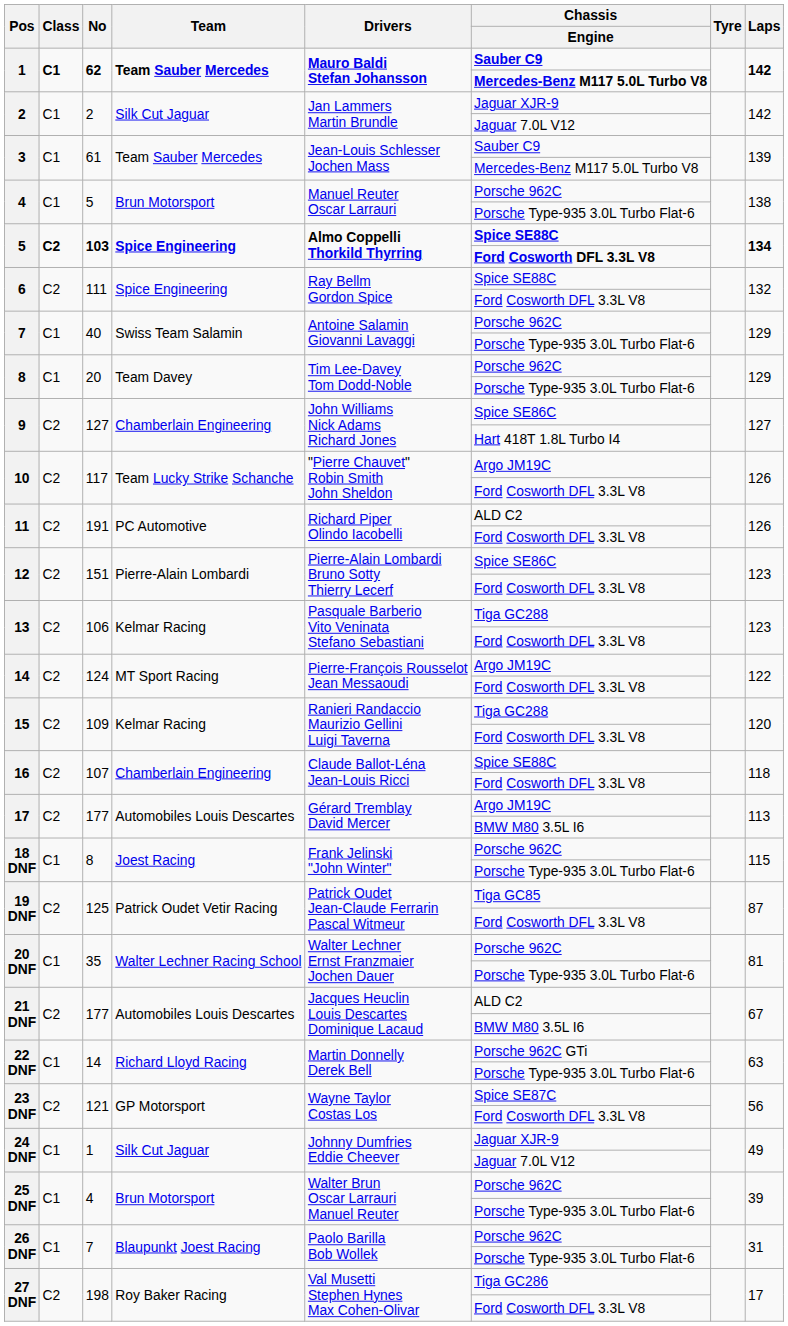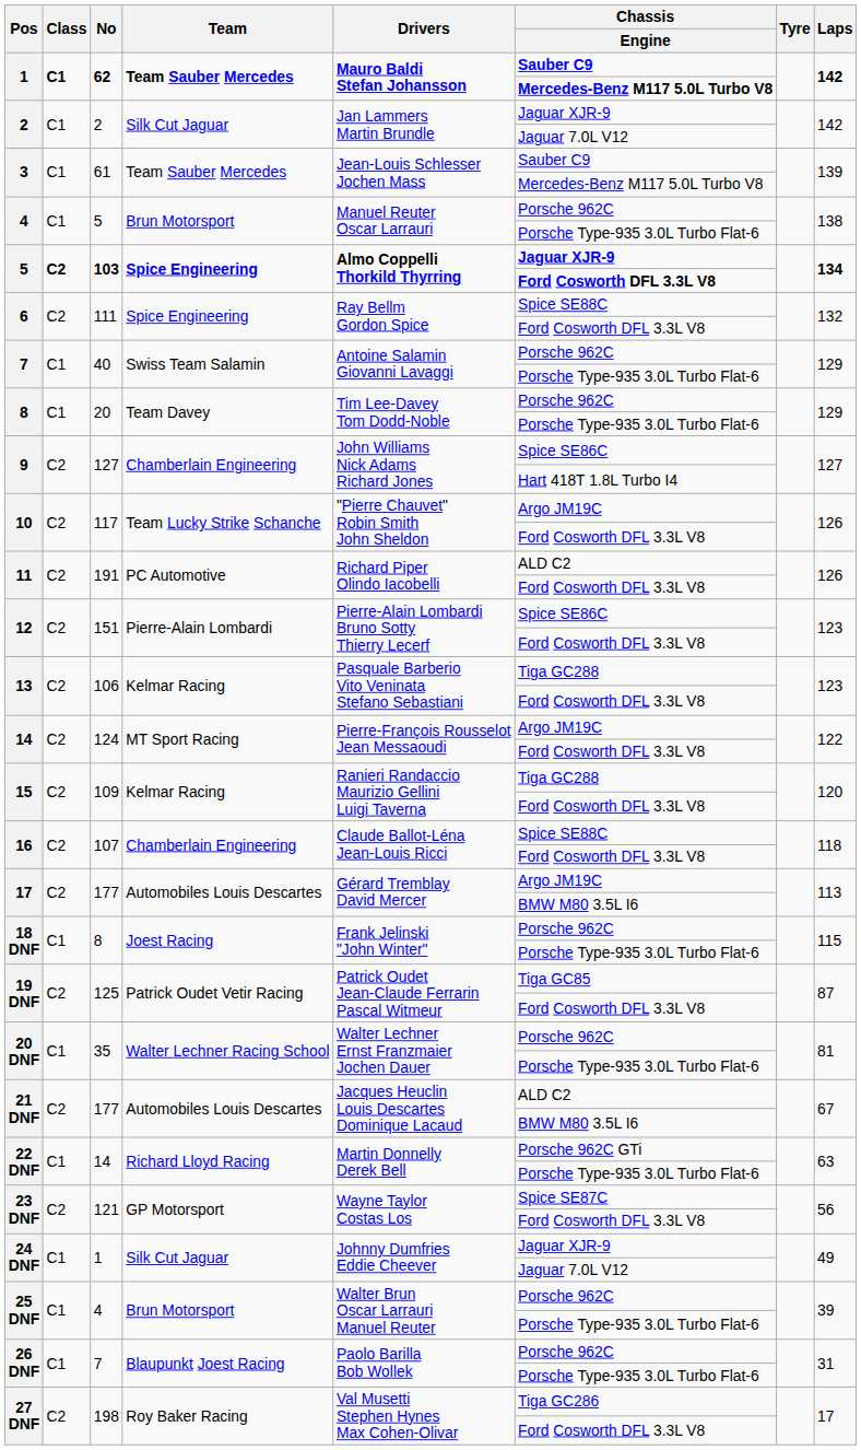 <table class="wikitable" style="font-size: 95%;">
 <tr>
 <th rowspan=2>Pos</th>
 <th rowspan=2>Class</th>
 <th rowspan=2>No</th>
 <th rowspan=2>Team</th>
 <th rowspan=2>Drivers</th>
 <th>Chassis</th>
 <th rowspan=2>Tyre</th>
 <th rowspan=2>Laps</th>
 </tr>
 <tr>
 <th>Engine</th>
 </tr>
 <tr style="font-weight:bold">
 <th rowspan=2>1</th>
 <td rowspan=2>C1</td>
 <td rowspan=2>62</td>
 <td rowspan=2> Team <a href='#'>Sauber</a> <a href='#'>Mercedes</a></td>
 <td rowspan=2> <a href='#'>Mauro Baldi</a><br> <a href='#'>Stefan Johansson</a></td>
 <td><a href='#'>Sauber C9</a></td>
 <td rowspan=2></td>
 <td rowspan=2>142</td>
 </tr>
 <tr style="font-weight:bold">
 <td><a href='#'>Mercedes-Benz</a> M117 5.0L Turbo V8</td>
 </tr>
 <tr>
 <th rowspan=2>2</th>
 <td rowspan=2>C1</td>
 <td rowspan=2>2</td>
 <td rowspan=2> <a href='#'>Silk Cut Jaguar</a></td>
 <td rowspan=2> <a href='#'>Jan Lammers</a><br> <a href='#'>Martin Brundle</a></td>
 <td><a href='#'>Jaguar XJR-9</a></td>
 <td rowspan=2></td>
 <td rowspan=2>142</td>
 </tr>
 <tr>
 <td><a href='#'>Jaguar</a> 7.0L V12</td>
 </tr>
 <tr>
 <th rowspan=2>3</th>
 <td rowspan=2>C1</td>
 <td rowspan=2>61</td>
 <td rowspan=2> Team <a href='#'>Sauber</a> <a href='#'>Mercedes</a></td>
 <td rowspan=2> <a href='#'>Jean-Louis Schlesser</a><br> <a href='#'>Jochen Mass</a></td>
 <td><a href='#'>Sauber C9</a></td>
 <td rowspan=2></td>
 <td rowspan=2>139</td>
 </tr>
 <tr>
 <td><a href='#'>Mercedes-Benz</a> M117 5.0L Turbo V8</td>
 </tr>
 <tr>
 <th rowspan=2>4</th>
 <td rowspan=2>C1</td>
 <td rowspan=2>5</td>
 <td rowspan=2> <a href='#'>Brun Motorsport</a></td>
 <td rowspan=2> <a href='#'>Manuel Reuter</a><br> <a href='#'>Oscar Larrauri</a></td>
 <td><a href='#'>Porsche 962C</a></td>
 <td rowspan=2></td>
 <td rowspan=2>138</td>
 </tr>
 <tr>
 <td><a href='#'>Porsche</a> Type-935 3.0L Turbo Flat-6</td>
 </tr>
 <tr style="font-weight:bold">
 <th rowspan=2>5</th>
 <td rowspan=2>C2</td>
 <td rowspan=2>103</td>
 <td rowspan=2> <a href='#'>Spice Engineering</a></td>
 <td rowspan=2> Almo Coppelli<br> <a href='#'>Thorkild Thyrring</a></td>
-<td><a href='#'>Spice SE88C</a></td>
+<td><a href='#'>Jaguar XJR-9</a></td>
 <td rowspan=2></td>
 <td rowspan=2>134</td>
 </tr>
 <tr style="font-weight:bold">
 <td><a href='#'>Ford</a> <a href='#'>Cosworth</a> DFL 3.3L V8</td>
 </tr>
 <tr>
 <th rowspan=2>6</th>
 <td rowspan=2>C2</td>
 <td rowspan=2>111</td>
 <td rowspan=2> <a href='#'>Spice Engineering</a></td>
 <td rowspan=2> <a href='#'>Ray Bellm</a><br> <a href='#'>Gordon Spice</a></td>
 <td><a href='#'>Spice SE88C</a></td>
 <td rowspan=2></td>
 <td rowspan=2>132</td>
 </tr>
 <tr>
 <td><a href='#'>Ford</a> <a href='#'>Cosworth DFL</a> 3.3L V8</td>
 </tr>
 <tr>
 <th rowspan=2>7</th>
 <td rowspan=2>C1</td>
 <td rowspan=2>40</td>
 <td rowspan=2> Swiss Team Salamin</td>
 <td rowspan=2> <a href='#'>Antoine Salamin</a><br> <a href='#'>Giovanni Lavaggi</a></td>
 <td><a href='#'>Porsche 962C</a></td>
 <td rowspan=2></td>
 <td rowspan=2>129</td>
 </tr>
 <tr>
 <td><a href='#'>Porsche</a> Type-935 3.0L Turbo Flat-6</td>
 </tr>
 <tr>
 <th rowspan=2>8</th>
 <td rowspan=2>C1</td>
 <td rowspan=2>20</td>
 <td rowspan=2> Team Davey</td>
 <td rowspan=2> <a href='#'>Tim Lee-Davey</a><br> <a href='#'>Tom Dodd-Noble</a></td>
 <td><a href='#'>Porsche 962C</a></td>
 <td rowspan=2></td>
 <td rowspan=2>129</td>
 </tr>
 <tr>
 <td><a href='#'>Porsche</a> Type-935 3.0L Turbo Flat-6</td>
 </tr>
 <tr>
 <th rowspan=2>9</th>
 <td rowspan=2>C2</td>
 <td rowspan=2>127</td>
 <td rowspan=2> <a href='#'>Chamberlain Engineering</a></td>
 <td rowspan=2> <a href='#'>John Williams</a><br> <a href='#'>Nick Adams</a><br> <a href='#'>Richard Jones</a></td>
 <td><a href='#'>Spice SE86C</a></td>
 <td rowspan=2></td>
 <td rowspan=2>127</td>
 </tr>
 <tr>
 <td><a href='#'>Hart</a> 418T 1.8L Turbo I4</td>
 </tr>
 <tr>
 <th rowspan=2>10</th>
 <td rowspan=2>C2</td>
 <td rowspan=2>117</td>
 <td rowspan=2> Team <a href='#'>Lucky Strike</a> <a href='#'>Schanche</a></td>
 <td rowspan=2> "<a href='#'>Pierre Chauvet</a>"<br> <a href='#'>Robin Smith</a><br> <a href='#'>John Sheldon</a></td>
 <td><a href='#'>Argo JM19C</a></td>
 <td rowspan=2></td>
 <td rowspan=2>126</td>
 </tr>
 <tr>
 <td><a href='#'>Ford</a> <a href='#'>Cosworth DFL</a> 3.3L V8</td>
 </tr>
 <tr>
 <th rowspan=2>11</th>
 <td rowspan=2>C2</td>
 <td rowspan=2>191</td>
 <td rowspan=2> PC Automotive</td>
 <td rowspan=2> <a href='#'>Richard Piper</a><br> <a href='#'>Olindo Iacobelli</a></td>
 <td>ALD C2</td>
 <td rowspan=2></td>
 <td rowspan=2>126</td>
 </tr>
 <tr>
 <td><a href='#'>Ford</a> <a href='#'>Cosworth DFL</a> 3.3L V8</td>
 </tr>
 <tr>
 <th rowspan=2>12</th>
 <td rowspan=2>C2</td>
 <td rowspan=2>151</td>
 <td rowspan=2> Pierre-Alain Lombardi</td>
 <td rowspan=2> <a href='#'>Pierre-Alain Lombardi</a><br> <a href='#'>Bruno Sotty</a><br> <a href='#'>Thierry Lecerf</a></td>
 <td><a href='#'>Spice SE86C</a></td>
 <td rowspan=2></td>
 <td rowspan=2>123</td>
 </tr>
 <tr>
 <td><a href='#'>Ford</a> <a href='#'>Cosworth DFL</a> 3.3L V8</td>
 </tr>
 <tr>
 <th rowspan=2>13</th>
 <td rowspan=2>C2</td>
 <td rowspan=2>106</td>
 <td rowspan=2> Kelmar Racing</td>
 <td rowspan=2> <a href='#'>Pasquale Barberio</a><br> <a href='#'>Vito Veninata</a><br> <a href='#'>Stefano Sebastiani</a></td>
 <td><a href='#'>Tiga GC288</a></td>
 <td rowspan=2></td>
 <td rowspan=2>123</td>
 </tr>
 <tr>
 <td><a href='#'>Ford</a> <a href='#'>Cosworth DFL</a> 3.3L V8</td>
 </tr>
 <tr>
 <th rowspan=2>14</th>
 <td rowspan=2>C2</td>
 <td rowspan=2>124</td>
 <td rowspan=2> MT Sport Racing</td>
 <td rowspan=2> <a href='#'>Pierre-François Rousselot</a><br> <a href='#'>Jean Messaoudi</a></td>
 <td><a href='#'>Argo JM19C</a></td>
 <td rowspan=2></td>
 <td rowspan=2>122</td>
 </tr>
 <tr>
 <td><a href='#'>Ford</a> <a href='#'>Cosworth DFL</a> 3.3L V8</td>
 </tr>
 <tr>
 <th rowspan=2>15</th>
 <td rowspan=2>C2</td>
 <td rowspan=2>109</td>
 <td rowspan=2> Kelmar Racing</td>
 <td rowspan=2> <a href='#'>Ranieri Randaccio</a><br> <a href='#'>Maurizio Gellini</a><br> <a href='#'>Luigi Taverna</a></td>
 <td><a href='#'>Tiga GC288</a></td>
 <td rowspan=2></td>
 <td rowspan=2>120</td>
 </tr>
 <tr>
 <td><a href='#'>Ford</a> <a href='#'>Cosworth DFL</a> 3.3L V8</td>
 </tr>
 <tr>
 <th rowspan=2>16</th>
 <td rowspan=2>C2</td>
 <td rowspan=2>107</td>
 <td rowspan=2> <a href='#'>Chamberlain Engineering</a></td>
 <td rowspan=2> <a href='#'>Claude Ballot-Léna</a><br> <a href='#'>Jean-Louis Ricci</a></td>
 <td><a href='#'>Spice SE88C</a></td>
 <td rowspan=2></td>
 <td rowspan=2>118</td>
 </tr>
 <tr>
 <td><a href='#'>Ford</a> <a href='#'>Cosworth DFL</a> 3.3L V8</td>
 </tr>
 <tr>
 <th rowspan=2>17</th>
 <td rowspan=2>C2</td>
 <td rowspan=2>177</td>
 <td rowspan=2> Automobiles Louis Descartes</td>
 <td rowspan=2> <a href='#'>Gérard Tremblay</a><br> <a href='#'>David Mercer</a></td>
 <td><a href='#'>Argo JM19C</a></td>
 <td rowspan=2></td>
 <td rowspan=2>113</td>
 </tr>
 <tr>
 <td><a href='#'>BMW M80</a> 3.5L I6</td>
 </tr>
 <tr>
 <th rowspan=2>18<br>DNF</th>
 <td rowspan=2>C1</td>
 <td rowspan=2>8</td>
 <td rowspan=2> <a href='#'>Joest Racing</a></td>
 <td rowspan=2> <a href='#'>Frank Jelinski</a><br> <a href='#'>"John Winter"</a></td>
 <td><a href='#'>Porsche 962C</a></td>
 <td rowspan=2></td>
 <td rowspan=2>115</td>
 </tr>
 <tr>
 <td><a href='#'>Porsche</a> Type-935 3.0L Turbo Flat-6</td>
 </tr>
 <tr>
 <th rowspan=2>19<br>DNF</th>
 <td rowspan=2>C2</td>
 <td rowspan=2>125</td>
 <td rowspan=2> Patrick Oudet Vetir Racing</td>
 <td rowspan=2> <a href='#'>Patrick Oudet</a><br> <a href='#'>Jean-Claude Ferrarin</a><br> <a href='#'>Pascal Witmeur</a></td>
 <td><a href='#'>Tiga GC85</a></td>
 <td rowspan=2></td>
 <td rowspan=2>87</td>
 </tr>
 <tr>
 <td><a href='#'>Ford</a> <a href='#'>Cosworth DFL</a> 3.3L V8</td>
 </tr>
 <tr>
 <th rowspan=2>20<br>DNF</th>
 <td rowspan=2>C1</td>
 <td rowspan=2>35</td>
 <td rowspan=2> <a href='#'>Walter Lechner Racing School</a></td>
 <td rowspan=2> <a href='#'>Walter Lechner</a><br> <a href='#'>Ernst Franzmaier</a><br> <a href='#'>Jochen Dauer</a></td>
 <td><a href='#'>Porsche 962C</a></td>
 <td rowspan=2></td>
 <td rowspan=2>81</td>
 </tr>
 <tr>
 <td><a href='#'>Porsche</a> Type-935 3.0L Turbo Flat-6</td>
 </tr>
 <tr>
 <th rowspan=2>21<br>DNF</th>
 <td rowspan=2>C2</td>
 <td rowspan=2>177</td>
 <td rowspan=2> Automobiles Louis Descartes</td>
 <td rowspan=2> <a href='#'>Jacques Heuclin</a><br> <a href='#'>Louis Descartes</a><br> <a href='#'>Dominique Lacaud</a></td>
 <td>ALD C2</td>
 <td rowspan=2></td>
 <td rowspan=2>67</td>
 </tr>
 <tr>
 <td><a href='#'>BMW M80</a> 3.5L I6</td>
 </tr>
 <tr>
 <th rowspan=2>22<br>DNF</th>
 <td rowspan=2>C1</td>
 <td rowspan=2>14</td>
 <td rowspan=2> <a href='#'>Richard Lloyd Racing</a></td>
 <td rowspan=2> <a href='#'>Martin Donnelly</a><br> <a href='#'>Derek Bell</a></td>
 <td><a href='#'>Porsche 962C</a> GTi</td>
 <td rowspan=2></td>
 <td rowspan=2>63</td>
 </tr>
 <tr>
 <td><a href='#'>Porsche</a> Type-935 3.0L Turbo Flat-6</td>
 </tr>
 <tr>
 <th rowspan=2>23<br>DNF</th>
 <td rowspan=2>C2</td>
 <td rowspan=2>121</td>
 <td rowspan=2> GP Motorsport</td>
 <td rowspan=2> <a href='#'>Wayne Taylor</a><br> <a href='#'>Costas Los</a></td>
 <td><a href='#'>Spice SE87C</a></td>
 <td rowspan=2></td>
 <td rowspan=2>56</td>
 </tr>
 <tr>
 <td><a href='#'>Ford</a> <a href='#'>Cosworth DFL</a> 3.3L V8</td>
 </tr>
 <tr>
 <th rowspan=2>24<br>DNF</th>
 <td rowspan=2>C1</td>
 <td rowspan=2>1</td>
 <td rowspan=2> <a href='#'>Silk Cut Jaguar</a></td>
 <td rowspan=2> <a href='#'>Johnny Dumfries</a><br> <a href='#'>Eddie Cheever</a></td>
 <td><a href='#'>Jaguar XJR-9</a></td>
 <td rowspan=2></td>
 <td rowspan=2>49</td>
 </tr>
 <tr>
 <td><a href='#'>Jaguar</a> 7.0L V12</td>
 </tr>
 <tr>
 <th rowspan=2>25<br>DNF</th>
 <td rowspan=2>C1</td>
 <td rowspan=2>4</td>
 <td rowspan=2> <a href='#'>Brun Motorsport</a></td>
 <td rowspan=2> <a href='#'>Walter Brun</a><br> <a href='#'>Oscar Larrauri</a><br> <a href='#'>Manuel Reuter</a></td>
 <td><a href='#'>Porsche 962C</a></td>
 <td rowspan=2></td>
 <td rowspan=2>39</td>
 </tr>
 <tr>
 <td><a href='#'>Porsche</a> Type-935 3.0L Turbo Flat-6</td>
 </tr>
 <tr>
 <th rowspan=2>26<br>DNF</th>
 <td rowspan=2>C1</td>
 <td rowspan=2>7</td>
 <td rowspan=2> <a href='#'>Blaupunkt</a> <a href='#'>Joest Racing</a></td>
 <td rowspan=2> <a href='#'>Paolo Barilla</a><br> <a href='#'>Bob Wollek</a></td>
 <td><a href='#'>Porsche 962C</a></td>
 <td rowspan=2></td>
 <td rowspan=2>31</td>
 </tr>
 <tr>
 <td><a href='#'>Porsche</a> Type-935 3.0L Turbo Flat-6</td>
 </tr>
 <tr>
 <th rowspan=2>27<br>DNF</th>
 <td rowspan=2>C2</td>
 <td rowspan=2>198</td>
 <td rowspan=2> Roy Baker Racing</td>
 <td rowspan=2> <a href='#'>Val Musetti</a><br> <a href='#'>Stephen Hynes</a><br> <a href='#'>Max Cohen-Olivar</a></td>
 <td><a href='#'>Tiga GC286</a></td>
 <td rowspan=2></td>
 <td rowspan=2>17</td>
 </tr>
 <tr>
 <td><a href='#'>Ford</a> <a href='#'>Cosworth DFL</a> 3.3L V8</td>
 </tr>
 </table>
